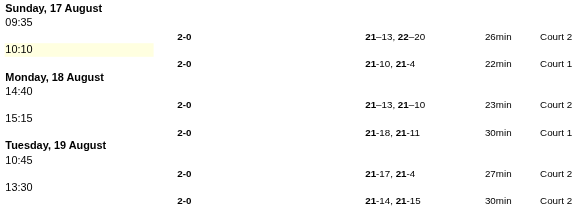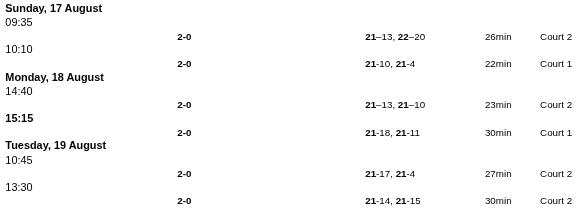 <table style="width:100%;" cellspacing="1">
 <tr>
 <th width=25%></th>
 <th width=10%></th>
 <th width=25%></th>
 </tr>
 <tr>
 <td><strong>Sunday, 17 August</strong></td>
 </tr>
 <tr>
 <td>09:35</td>
 </tr>
 <tr style=font-size:90%>
 <td align=right><strong></strong></td>
 <td align=center><strong> 2-0 </strong></td>
 <td></td>
 <td><strong>21</strong>–13, <strong>22</strong>–20</td>
 <td>26min</td>
 <td>Court 2</td>
 </tr>
 <tr>
-<td style="background: lightyellow;">10:10</td>
+<td>10:10</td>
 </tr>
 <tr style=font-size:90%>
 <td align=right><strong></strong></td>
 <td align=center><strong> 2-0 </strong></td>
 <td></td>
 <td><strong>21</strong>-10, <strong>21</strong>-4</td>
 <td>22min</td>
 <td>Court 1</td>
 </tr>
 <tr>
 <td><strong>Monday, 18 August</strong></td>
 </tr>
 <tr>
 <td>14:40</td>
 </tr>
 <tr style=font-size:90%>
 <td align=right><strong></strong></td>
 <td align=center><strong> 2-0 </strong></td>
 <td></td>
 <td><strong>21</strong>–13, <strong>21</strong>–10</td>
 <td>23min</td>
 <td>Court 2</td>
 </tr>
 <tr>
-<td>15:15</td>
+<td><strong>15:15</strong></td>
 </tr>
 <tr style=font-size:90%>
 <td align=right><strong></strong></td>
 <td align=center><strong> 2-0 </strong></td>
 <td></td>
 <td><strong>21</strong>-18, <strong>21</strong>-11</td>
 <td>30min</td>
 <td>Court 1</td>
 </tr>
 <tr>
 <td><strong>Tuesday, 19 August</strong></td>
 </tr>
 <tr>
 <td>10:45</td>
 </tr>
 <tr style=font-size:90%>
 <td align=right><strong></strong></td>
 <td align=center><strong> 2-0 </strong></td>
 <td></td>
 <td><strong>21</strong>-17, <strong>21</strong>-4</td>
 <td>27min</td>
 <td>Court 2</td>
 </tr>
 <tr>
 <td>13:30</td>
 </tr>
 <tr style=font-size:90%>
 <td align=right><strong></strong></td>
 <td align=center><strong> 2-0 </strong></td>
 <td></td>
 <td><strong>21</strong>-14, <strong>21</strong>-15</td>
 <td>30min</td>
 <td>Court 2</td>
 </tr>
 </table>
